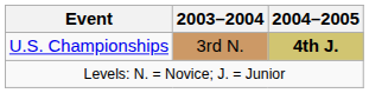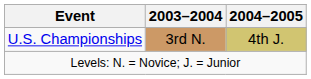 <table class="wikitable" style="text-align:center">
 <tr>
 <th>Event</th>
 <th>2003–2004</th>
 <th>2004–2005</th>
 </tr>
 <tr>
 <td align=left><a href='#'>U.S. Championships</a></td>
 <td style="background:#c96;">3rd N.</td>
-<td style="background:#d1c571;"><strong>4th J.</strong></td>
+<td style="background:#d1c571;">4th J.</td>
 </tr>
 <tr>
 <td colspan="3" style="text-align:center;"><small> Levels: N. = Novice; J. = Junior </small></td>
 </tr>
 </table>
